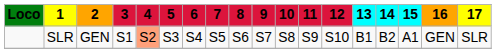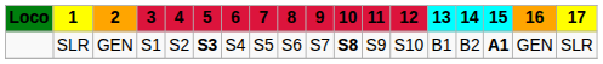 <table class="wikitable plainrowheaders unsortable" style="text-align:center">
 <tr>
 <th scope="col" rowspan="1" style="background:#007F0E;">Loco</th>
 <th scope="col" rowspan="1" style="background:yellow;">1</th>
 <th scope="col" rowspan="1" style="background:orange;">2</th>
 <th rowspan="1" scope="col" style="background:crimson;">3</th>
 <th rowspan="1" scope="col" style="background:crimson;">4</th>
 <th rowspan="1" scope="col" style="background:crimson;">5</th>
 <th rowspan="1" scope="col" style="background:crimson;">6</th>
 <th rowspan="1" scope="col" style="background:crimson;">7</th>
 <th rowspan="1" scope="col" style="background:crimson;">8</th>
 <th rowspan="1" scope="col" style="background:crimson;">9</th>
 <th rowspan="1" scope="col" style="background:crimson;">10</th>
 <th rowspan="1" scope="col" style="background:crimson;">11</th>
 <th rowspan="1" scope="col" style="background:crimson;">12</th>
 <th rowspan="1" scope="col" style="background:#00FFFF;">13</th>
 <th rowspan="1" scope="col" style="background:#00FFFF;">14</th>
 <th rowspan="1" scope="col" style="background:#00FFFF;">15</th>
 <th scope="col" rowspan="1" style="background:orange;">16</th>
 <th scope="col" rowspan="1" style="background:yellow;">17</th>
 </tr>
 <tr>
 <td></td>
 <td>SLR</td>
 <td>GEN</td>
 <td>S1</td>
-<td style="background: lightsalmon;">S2</td>
-<td>S3</td>
+<td>S2</td>
+<td><strong>S3</strong></td>
 <td>S4</td>
 <td>S5</td>
 <td>S6</td>
 <td>S7</td>
-<td>S8</td>
+<td><strong>S8</strong></td>
 <td>S9</td>
 <td>S10</td>
 <td>B1</td>
 <td>B2</td>
-<td>A1</td>
+<td><strong>A1</strong></td>
 <td>GEN</td>
 <td>SLR</td>
 </tr>
 <tr>
 </tr>
 </table>
